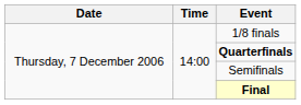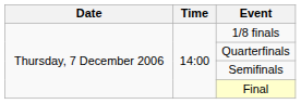 <table class = "wikitable" style="text-align:center;">
 <tr>
 <th width=220>Date</th>
 <th width=50>Time</th>
 <th width=100>Event</th>
 </tr>
 <tr>
 <td rowspan=4>Thursday, 7 December 2006</td>
 <td rowspan=4>14:00</td>
 <td>1/8 finals</td>
 </tr>
 <tr>
-<td><strong>Quarterfinals</strong></td>
+<td>Quarterfinals</td>
 </tr>
 <tr>
 <td>Semifinals</td>
 </tr>
 <tr>
-<td bgcolor=ffffcc><strong>Final</strong></td>
+<td bgcolor=ffffcc>Final</td>
 </tr>
 </table>
